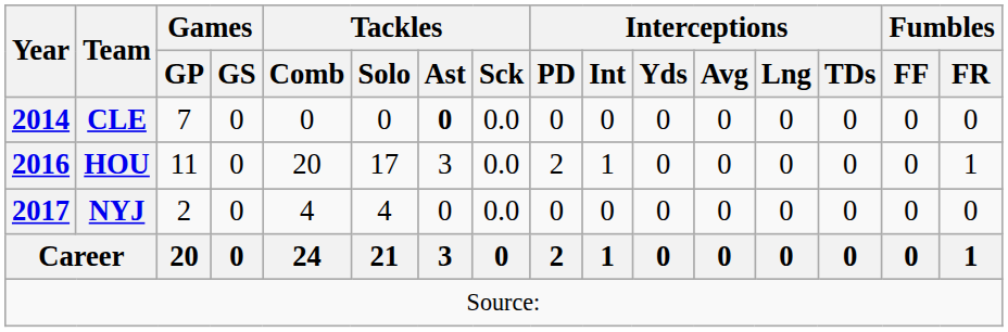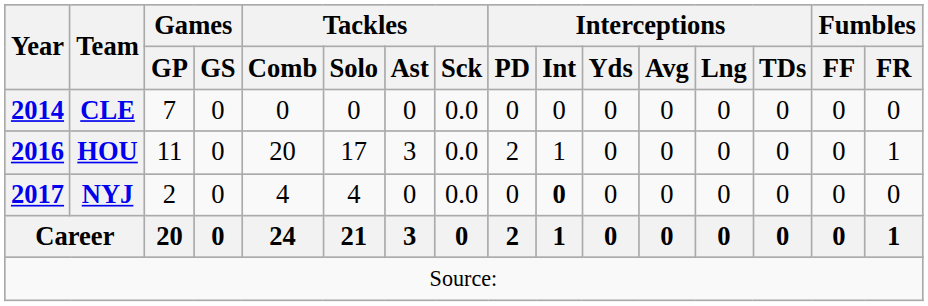 <table class="wikitable" style="text-align: center;">
 <tr>
 <th rowspan="2">Year</th>
 <th rowspan="2">Team</th>
 <th colspan="2">Games</th>
 <th colspan="4">Tackles</th>
 <th colspan="6">Interceptions</th>
 <th colspan="2">Fumbles</th>
 </tr>
 <tr>
 <th>GP</th>
 <th>GS</th>
 <th>Comb</th>
 <th>Solo</th>
 <th>Ast</th>
 <th>Sck</th>
 <th>PD</th>
 <th>Int</th>
 <th>Yds</th>
 <th>Avg</th>
 <th>Lng</th>
 <th>TDs</th>
 <th>FF</th>
 <th>FR</th>
 </tr>
 <tr>
 <th><a href='#'>2014</a></th>
 <th><a href='#'>CLE</a></th>
 <td>7</td>
 <td>0</td>
 <td>0</td>
 <td>0</td>
-<td><strong>0</strong></td>
+<td>0</td>
 <td>0.0</td>
 <td>0</td>
 <td>0</td>
 <td>0</td>
 <td>0</td>
 <td>0</td>
 <td>0</td>
 <td>0</td>
 <td>0</td>
 </tr>
 <tr>
 <th><a href='#'>2016</a></th>
 <th><a href='#'>HOU</a></th>
 <td>11</td>
 <td>0</td>
 <td>20</td>
 <td>17</td>
 <td>3</td>
 <td>0.0</td>
 <td>2</td>
 <td>1</td>
 <td>0</td>
 <td>0</td>
 <td>0</td>
 <td>0</td>
 <td>0</td>
 <td>1</td>
 </tr>
 <tr>
 <th><a href='#'>2017</a></th>
 <th><a href='#'>NYJ</a></th>
 <td>2</td>
 <td>0</td>
 <td>4</td>
 <td>4</td>
 <td>0</td>
 <td>0.0</td>
 <td>0</td>
-<td>0</td>
+<td><strong>0</strong></td>
 <td>0</td>
 <td>0</td>
 <td>0</td>
 <td>0</td>
 <td>0</td>
 <td>0</td>
 </tr>
 <tr>
 <th colspan="2">Career</th>
 <th>20</th>
 <th>0</th>
 <th>24</th>
 <th>21</th>
 <th>3</th>
 <th>0</th>
 <th>2</th>
 <th>1</th>
 <th>0</th>
 <th>0</th>
 <th>0</th>
 <th>0</th>
 <th>0</th>
 <th>1</th>
 </tr>
 <tr>
 <td colspan="17"><small>Source: </small></td>
 </tr>
 </table>
